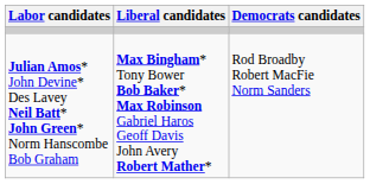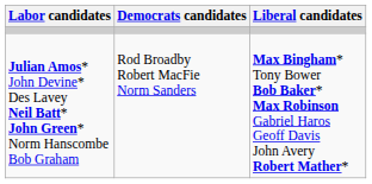 <table class="wikitable">
 <tr>
 <th><a href='#'>Labor</a> candidates</th>
+<th><a href='#'>Democrats</a> candidates</th>
 <th><a href='#'>Liberal</a> candidates</th>
-<th><a href='#'>Democrats</a> candidates</th>
 </tr>
 <tr bgcolor="#cccccc">
 <td></td>
 <td></td>
 <td></td>
 </tr>
 <tr>
 <td><br><strong><a href='#'>Julian Amos</a></strong>*<br> <a href='#'>John Devine</a>*<br> Des Lavey<br> <strong><a href='#'>Neil Batt</a></strong>*<br> <strong><a href='#'>John Green</a></strong>*<br> Norm Hanscombe<br> <a href='#'>Bob Graham</a></td>
+<td valign=top><br>Rod Broadby<br> Robert MacFie<br> <a href='#'>Norm Sanders</a></td>
 <td><br><strong><a href='#'>Max Bingham</a></strong>*<br> Tony Bower<br> <strong><a href='#'>Bob Baker</a></strong>*<br> <strong><a href='#'>Max Robinson</a></strong><br> <a href='#'>Gabriel Haros</a><br> <a href='#'>Geoff Davis</a><br> John Avery<br> <strong><a href='#'>Robert Mather</a></strong>*</td>
-<td valign=top><br>Rod Broadby<br> Robert MacFie<br> <a href='#'>Norm Sanders</a></td>
 </tr>
 </table>
